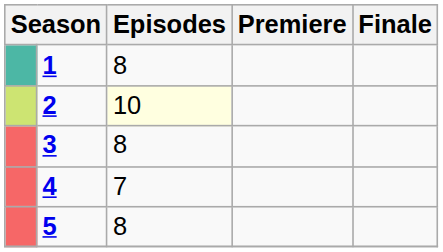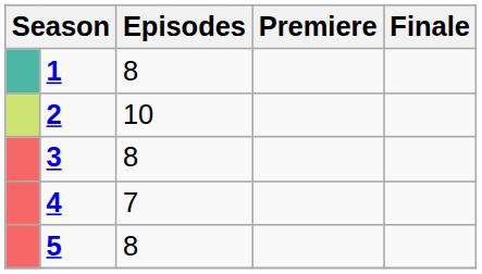 <table class="wikitable">
 <tr>
 <th colspan="2">Season</th>
 <th>Episodes</th>
 <th>Premiere</th>
 <th>Finale</th>
 </tr>
 <tr>
 <td style="background:#4CB7A5; height:5px;"></td>
 <td style="text-align:left;"><strong><a href='#'>1</a></strong></td>
 <td style="text-align:left;">8</td>
 <td style="text-align:left;"></td>
 <td style="text-align:left;"></td>
 </tr>
 <tr>
 <td style="background:#CDE472; height:5px;"></td>
 <td style="text-align:left;"><strong><a href='#'>2</a></strong></td>
-<td style="background: lightyellow; text-align:left;">10</td>
+<td style="text-align:left;">10</td>
 <td style="text-align:left;"></td>
 <td style="text-align:left;"></td>
 </tr>
 <tr>
 <td style="background:#F66767; height:5px;"></td>
 <td style="text-align:left;"><strong><a href='#'>3</a></strong></td>
 <td style="text-align:left;">8</td>
 <td style="text-align:left;"></td>
 <td style="text-align:left;"></td>
 </tr>
 <tr>
 <td style="background:#F66767; height:5px;"></td>
 <td style="text-align:left;"><strong><a href='#'>4</a></strong></td>
 <td style="text-align:left;">7</td>
 <td style="text-align:left;"></td>
 <td style="text-align:left;"></td>
 </tr>
 <tr>
 <td style="background:#F66767; height:5px;"></td>
 <td style="text-align:left;"><strong><a href='#'>5</a></strong></td>
 <td style="text-align:left;">8</td>
 <td style="text-align:left;"></td>
 <td style="text-align:left;"></td>
 </tr>
 <tr>
 </tr>
 </table>
